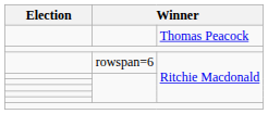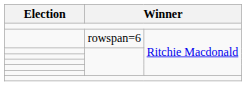 <table class=wikitable>
 <tr>
 <th width=100>Election</th>
 <th width=175 colspan=2>Winner</th>
-</tr>
-<tr>
-<td></td>
-<td></td>
-<td><a href='#'>Thomas Peacock</a></td>
 </tr>
 <tr>
 <td colspan=3 align=center></td>
 </tr>
 <tr>
 <td></td>
 <td>rowspan=6 </td>
 <td rowspan=6><a href='#'>Ritchie Macdonald</a></td>
 </tr>
 <tr>
 <td></td>
 </tr>
 <tr>
 <td></td>
 </tr>
 <tr>
 <td></td>
 </tr>
 <tr>
 <td></td>
 </tr>
 <tr>
 <td></td>
 </tr>
 <tr>
 <td colspan=3 align=center></td>
 </tr>
 </table>
